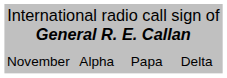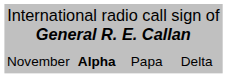 <table align=right style="background:silver">
 <tr>
 <td colspan=4 align=center>International radio call sign of<br><strong><em>General R. E. Callan</em></strong></td>
 </tr>
 <tr>
 <td align=center width=45px></td>
 <td align=center width=45px></td>
 <td align=center width=45px></td>
 <td align=center width=45px></td>
 </tr>
 <tr>
 <td align=center><small>November</small></td>
-<td align=center><small>Alpha</small></td>
+<td align=center><strong><small>Alpha</small></strong></td>
 <td align=center><small>Papa</small></td>
 <td align=center><small>Delta</small></td>
 </tr>
 </table>
